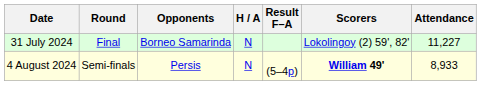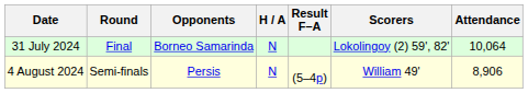 <table class="wikitable" style="text-align:center">
 <tr>
 <th>Date</th>
 <th>Round</th>
 <th>Opponents</th>
 <th>H / A</th>
 <th>Result<br>F–A</th>
 <th>Scorers</th>
 <th>Attendance</th>
 </tr>
 <tr style="background:#ddffdd">
 <td>31 July 2024</td>
 <td><a href='#'>Final</a></td>
 <td><a href='#'>Borneo Samarinda</a></td>
 <td><a href='#'>N</a></td>
 <td></td>
 <td><a href='#'>Lokolingoy</a> (2) 59', 82'</td>
-<td>11,227</td>
+<td>10,064</td>
 </tr>
 <tr style="background:#ffffdd">
 <td>4 August 2024</td>
 <td>Semi-finals</td>
 <td><a href='#'>Persis</a></td>
 <td><a href='#'>N</a></td>
 <td><br>(5–4<a href='#'>p</a>)</td>
-<td><strong><a href='#'>William</a> 49'</strong></td>
-<td>8,933</td>
+<td><a href='#'>William</a> 49'</td>
+<td>8,906</td>
 </tr>
 </table>
